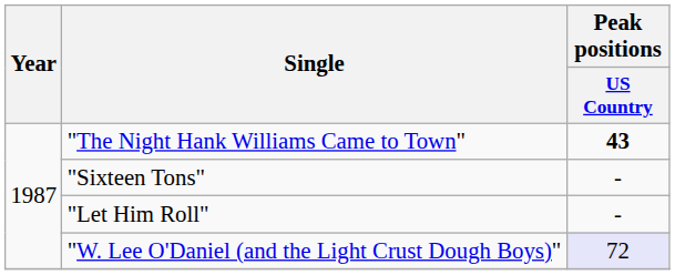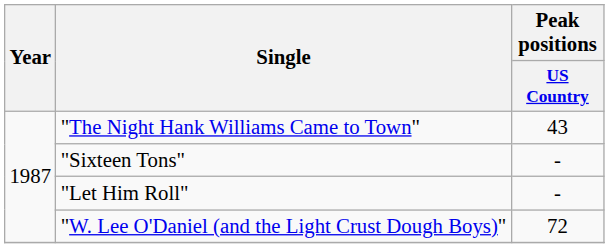 <table class="wikitable" style="text-align:center;">
 <tr>
 <th rowspan="2">Year</th>
 <th rowspan="2">Single</th>
 <th colspan="1">Peak positions</th>
 </tr>
 <tr style="font-size:smaller;">
 <th width="65"><a href='#'>US Country</a></th>
 </tr>
 <tr>
 <td rowspan="4">1987</td>
 <td align="left">"<a href='#'>The Night Hank Williams Came to Town</a>"</td>
-<td><strong>43</strong></td>
+<td>43</td>
 </tr>
 <tr>
 <td align="left">"Sixteen Tons"</td>
 <td>-</td>
 </tr>
 <tr>
 <td align="left">"Let Him Roll"</td>
 <td>-</td>
 </tr>
 <tr>
 <td align="left">"<a href='#'>W. Lee O'Daniel (and the Light Crust Dough Boys)</a>"</td>
-<td style="background: lavender;">72</td>
+<td>72</td>
 </tr>
 <tr>
 </tr>
 </table>
